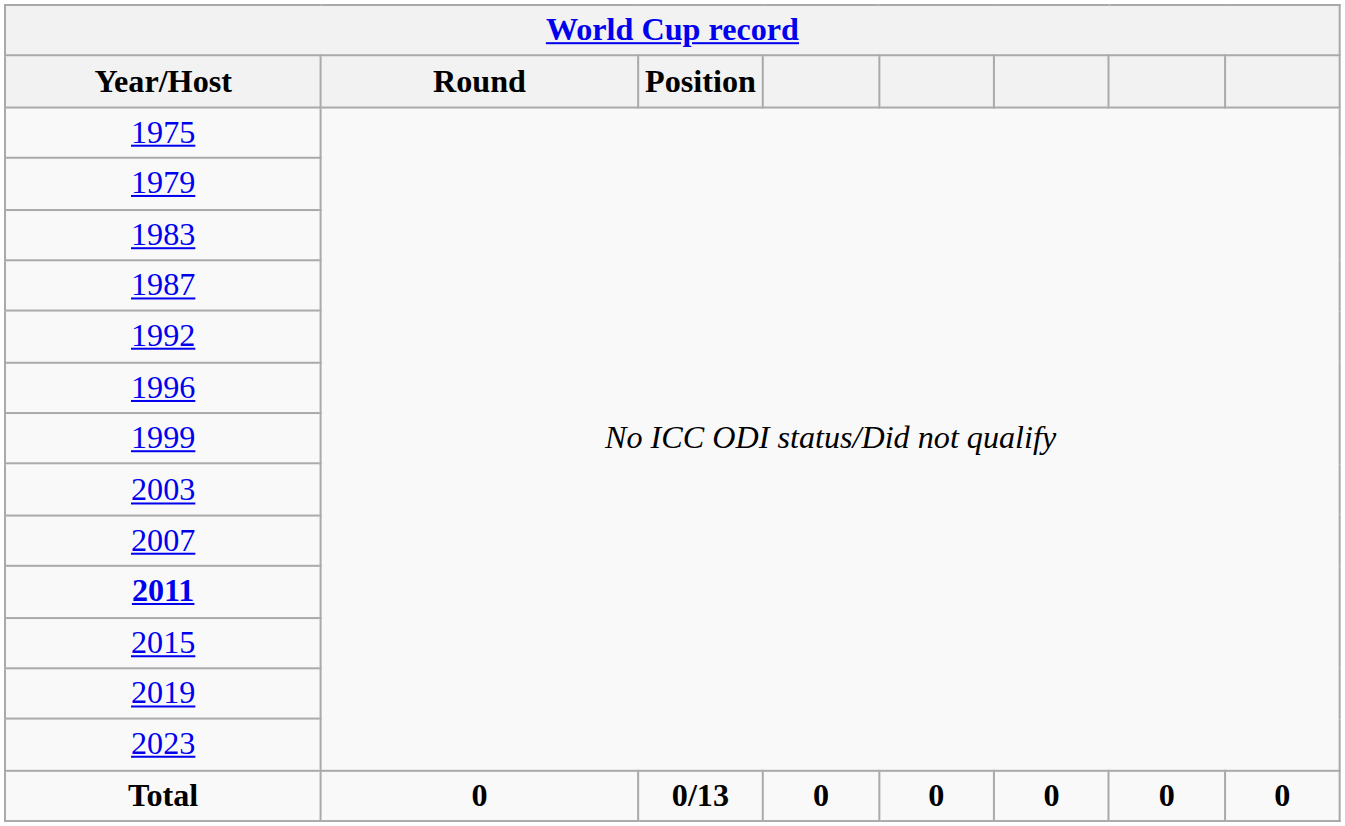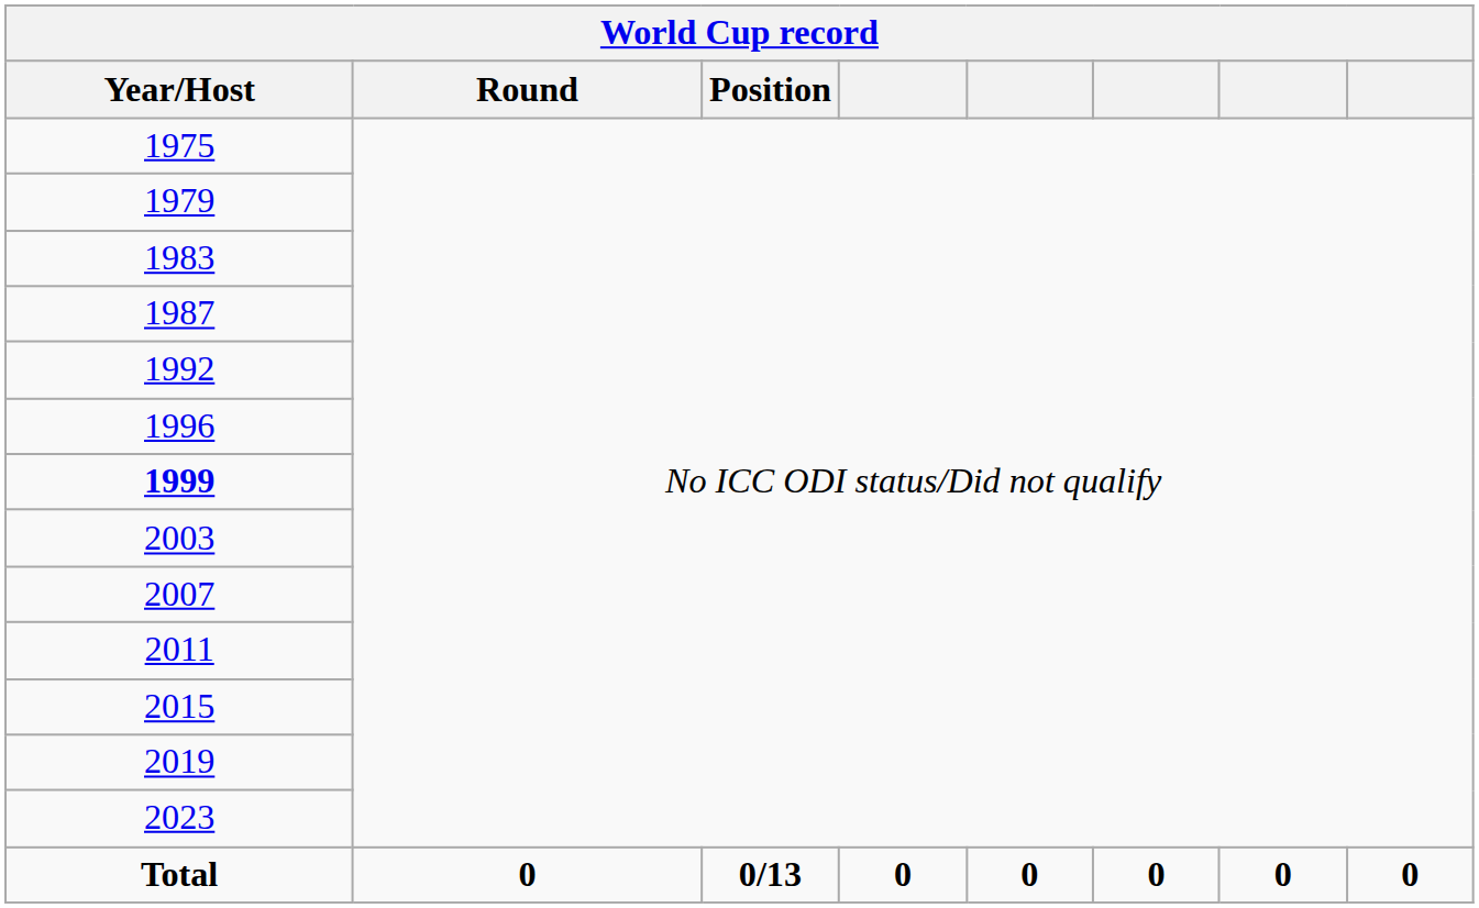 <table class="wikitable" style="text-align: center;">
 <tr>
 <th colspan="8"><a href='#'>World Cup record</a></th>
 </tr>
 <tr>
 <th width=150>Year/Host</th>
 <th width=150>Round</th>
 <th width=50>Position</th>
 <th width=50></th>
 <th width=50></th>
 <th width=50></th>
 <th width=50></th>
 <th width=50></th>
 </tr>
 <tr>
 <td> <a href='#'>1975</a></td>
 <td colspan="12" rowspan=13><em>No ICC ODI status/Did not qualify</td>
 </tr>
 <tr>
 <td> <a href='#'>1979</a></td>
 </tr>
 <tr>
 <td> <a href='#'>1983</a></td>
 </tr>
 <tr>
 <td> <a href='#'>1987</a></td>
 </tr>
 <tr>
 <td>  <a href='#'>1992</a></td>
 </tr>
 <tr>
 <td>   <a href='#'>1996</a></td>
 </tr>
 <tr>
-<td> <a href='#'>1999</a></td>
+<td><strong> <a href='#'>1999</a></strong></td>
 </tr>
 <tr>
 <td>   <a href='#'>2003</a></td>
 </tr>
 <tr>
 <td> <a href='#'>2007</a></td>
 </tr>
 <tr>
-<td><strong>   <a href='#'>2011</a></strong></td>
+<td>   <a href='#'>2011</a></td>
 </tr>
 <tr>
 <td>  <a href='#'>2015</a></td>
 </tr>
 <tr>
 <td> <a href='#'>2019</a></td>
 </tr>
 <tr>
 <td> <a href='#'>2023</a></td>
 </tr>
 <tr>
 <td><strong>Total</strong></td>
 <td><strong>0</strong></td>
 <td><strong>0/13</strong></td>
 <td><strong>0</strong></td>
 <td><strong>0</strong></td>
 <td><strong>0</strong></td>
 <td><strong>0</strong></td>
 <td><strong>0</strong></td>
 </tr>
 </table>
